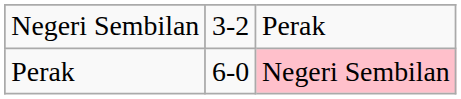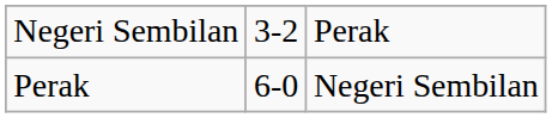 <table class="wikitable">
 <tr>
 <td>Negeri Sembilan</td>
 <td>3-2</td>
 <td>Perak</td>
 </tr>
 <tr>
 <td>Perak</td>
 <td>6-0</td>
-<td style="background: pink;">Negeri Sembilan</td>
+<td>Negeri Sembilan</td>
 </tr>
 </table>
